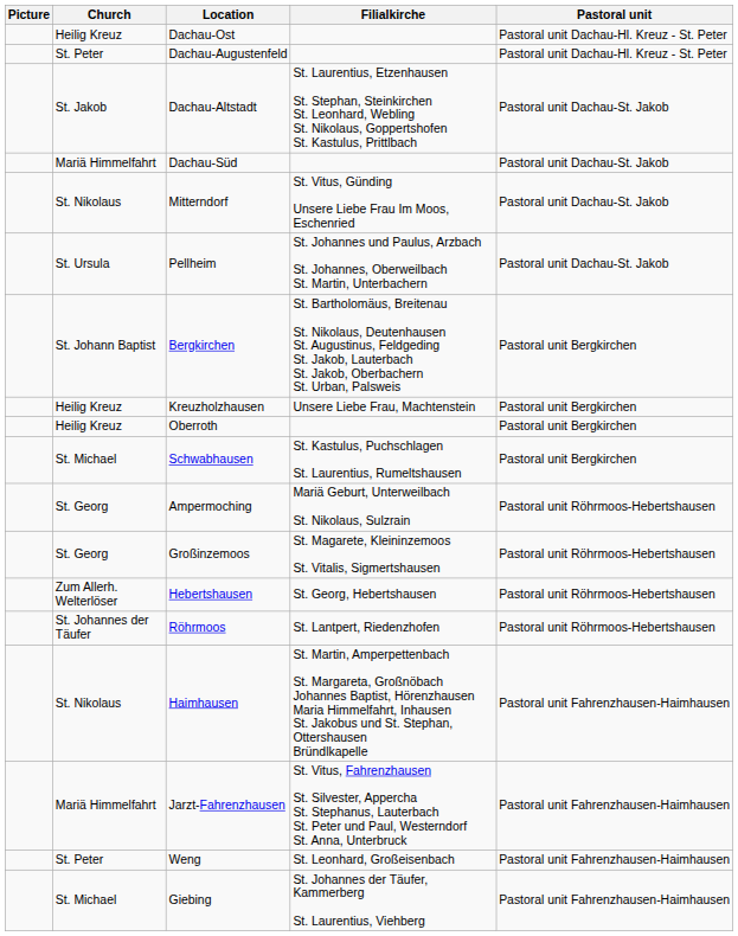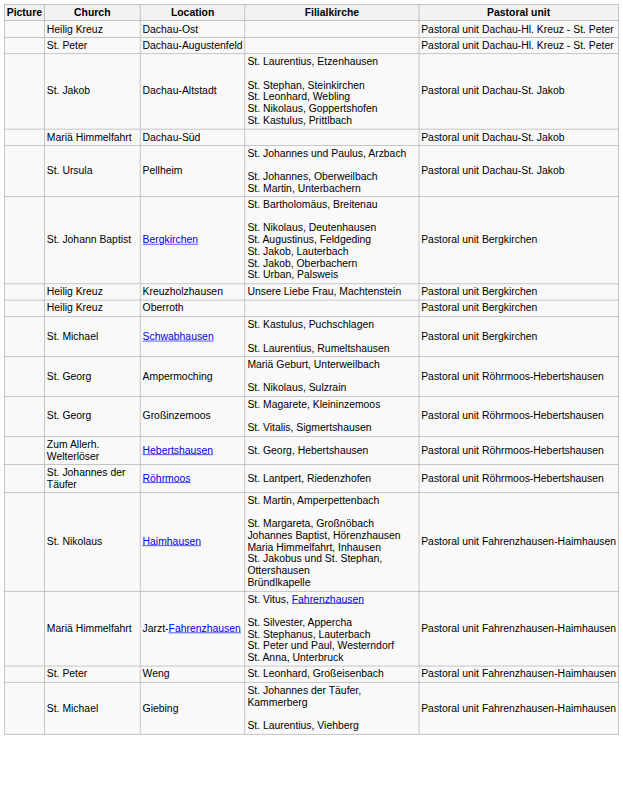 <table class="wikitable">
 <tr>
 <th>Picture</th>
 <th style="width:140px;">Church</th>
 <th>Location</th>
 <th style="width:260px;">Filialkirche</th>
 <th>Pastoral unit</th>
 </tr>
 <tr>
 <td></td>
 <td>Heilig Kreuz</td>
 <td>Dachau-Ost</td>
 <td></td>
 <td>Pastoral unit Dachau-Hl. Kreuz - St. Peter</td>
 </tr>
 <tr>
 <td></td>
 <td>St. Peter</td>
 <td>Dachau-Augustenfeld</td>
 <td></td>
 <td>Pastoral unit Dachau-Hl. Kreuz - St. Peter</td>
 </tr>
 <tr>
 <td></td>
 <td>St. Jakob</td>
 <td>Dachau-Altstadt</td>
 <td>St. Laurentius, Etzenhausen<br><br>St. Stephan, Steinkirchen<br> St. Leonhard, Webling<br> St. Nikolaus, Goppertshofen<br> St. Kastulus, Prittlbach</td>
 <td>Pastoral unit Dachau-St. Jakob</td>
 </tr>
 <tr>
 <td></td>
 <td>Mariä Himmelfahrt</td>
 <td>Dachau-Süd</td>
 <td></td>
-<td>Pastoral unit Dachau-St. Jakob</td>
-</tr>
-<tr>
-<td></td>
-<td>St. Nikolaus</td>
-<td>Mitterndorf</td>
-<td>St. Vitus, Günding<br><br>Unsere Liebe Frau Im Moos, Eschenried</td>
 <td>Pastoral unit Dachau-St. Jakob</td>
 </tr>
 <tr>
 <td></td>
 <td>St. Ursula</td>
 <td>Pellheim</td>
 <td>St. Johannes und Paulus, Arzbach<br><br>St. Johannes, Oberweilbach<br> St. Martin, Unterbachern</td>
 <td>Pastoral unit Dachau-St. Jakob</td>
 </tr>
 <tr>
 <td></td>
 <td>St. Johann Baptist</td>
 <td><a href='#'>Bergkirchen</a></td>
 <td>St. Bartholomäus, Breitenau<br><br>St. Nikolaus, Deutenhausen<br> St. Augustinus, Feldgeding<br> St. Jakob, Lauterbach<br> St. Jakob, Oberbachern<br> St. Urban, Palsweis</td>
 <td>Pastoral unit Bergkirchen</td>
 </tr>
 <tr>
 <td></td>
 <td>Heilig Kreuz</td>
 <td>Kreuzholzhausen</td>
 <td>Unsere Liebe Frau, Machtenstein</td>
 <td>Pastoral unit Bergkirchen</td>
 </tr>
 <tr>
 <td></td>
 <td>Heilig Kreuz</td>
 <td>Oberroth</td>
 <td></td>
 <td>Pastoral unit Bergkirchen</td>
 </tr>
 <tr>
 <td></td>
 <td>St. Michael</td>
 <td><a href='#'>Schwabhausen</a></td>
 <td>St. Kastulus, Puchschlagen<br><br>St. Laurentius, Rumeltshausen</td>
 <td>Pastoral unit Bergkirchen</td>
 </tr>
 <tr>
 <td></td>
 <td>St. Georg</td>
 <td>Ampermoching</td>
 <td>Mariä Geburt, Unterweilbach<br><br>St. Nikolaus, Sulzrain</td>
 <td>Pastoral unit Röhrmoos-Hebertshausen</td>
 </tr>
 <tr>
 <td></td>
 <td>St. Georg</td>
 <td>Großinzemoos</td>
 <td>St. Magarete, Kleininzemoos<br><br>St. Vitalis, Sigmertshausen</td>
 <td>Pastoral unit Röhrmoos-Hebertshausen</td>
 </tr>
 <tr>
 <td></td>
 <td>Zum Allerh. Welterlöser</td>
 <td><a href='#'>Hebertshausen</a></td>
 <td>St. Georg, Hebertshausen</td>
 <td>Pastoral unit Röhrmoos-Hebertshausen</td>
 </tr>
 <tr>
 <td></td>
 <td>St. Johannes der Täufer</td>
 <td><a href='#'>Röhrmoos</a></td>
 <td>St. Lantpert, Riedenzhofen</td>
 <td>Pastoral unit Röhrmoos-Hebertshausen</td>
 </tr>
 <tr>
 <td></td>
 <td>St. Nikolaus</td>
 <td><a href='#'>Haimhausen</a></td>
 <td>St. Martin, Amperpettenbach<br><br>St. Margareta, Großnöbach<br> Johannes Baptist, Hörenzhausen<br> Maria Himmelfahrt, Inhausen<br> St. Jakobus und St. Stephan, Ottershausen<br> Bründlkapelle</td>
 <td>Pastoral unit Fahrenzhausen-Haimhausen</td>
 </tr>
 <tr>
 <td></td>
 <td>Mariä Himmelfahrt</td>
 <td>Jarzt-<a href='#'>Fahrenzhausen</a></td>
 <td>St. Vitus, <a href='#'>Fahrenzhausen</a><br><br>St. Silvester, Appercha<br> St. Stephanus, Lauterbach<br> St. Peter und Paul, Westerndorf<br> St. Anna, Unterbruck</td>
 <td>Pastoral unit Fahrenzhausen-Haimhausen</td>
 </tr>
 <tr>
 <td></td>
 <td>St. Peter</td>
 <td>Weng</td>
 <td>St. Leonhard, Großeisenbach</td>
 <td>Pastoral unit Fahrenzhausen-Haimhausen</td>
 </tr>
 <tr>
 <td></td>
 <td>St. Michael</td>
 <td>Giebing</td>
 <td>St. Johannes der Täufer, Kammerberg<br><br>St. Laurentius, Viehberg</td>
 <td>Pastoral unit Fahrenzhausen-Haimhausen</td>
 </tr>
 </table>
